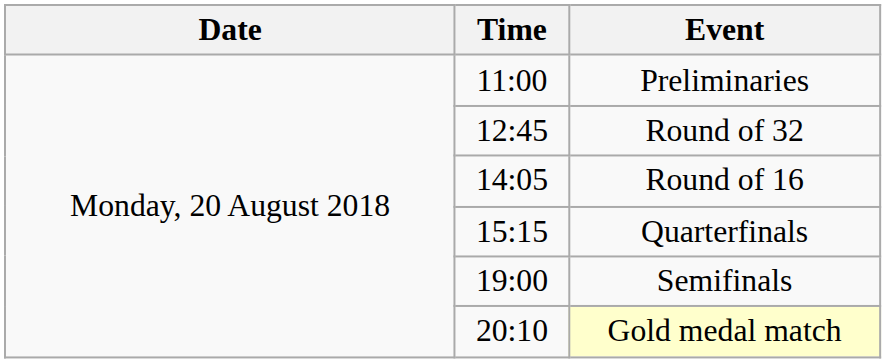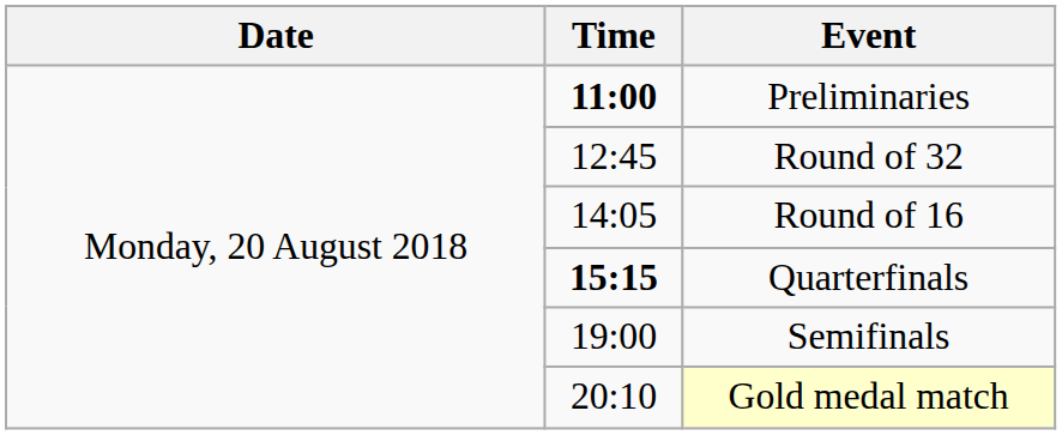 <table class = "wikitable" style="text-align:center;">
 <tr>
 <th width=220>Date</th>
 <th width=50>Time</th>
 <th width=150>Event</th>
 </tr>
 <tr>
 <td rowspan=6>Monday, 20 August 2018</td>
-<td>11:00</td>
+<td><strong>11:00</strong></td>
 <td>Preliminaries</td>
 </tr>
 <tr>
 <td>12:45</td>
 <td>Round of 32</td>
 </tr>
 <tr>
 <td>14:05</td>
 <td>Round of 16</td>
 </tr>
 <tr>
-<td>15:15</td>
+<td><strong>15:15</strong></td>
 <td>Quarterfinals</td>
 </tr>
 <tr>
 <td>19:00</td>
 <td>Semifinals</td>
 </tr>
 <tr>
 <td>20:10</td>
 <td bgcolor=ffffcc>Gold medal match</td>
 </tr>
 </table>
